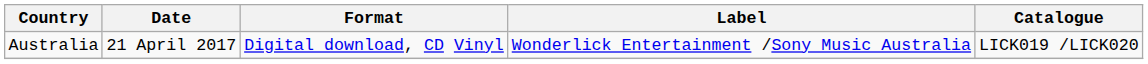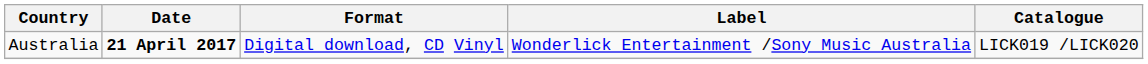 <table class="wikitable">
 <tr>
 <th>Country</th>
 <th>Date</th>
 <th>Format</th>
 <th>Label</th>
 <th>Catalogue</th>
 </tr>
 <tr>
 <td>Australia</td>
-<td>21 April 2017</td>
+<td><strong>21 April 2017</strong></td>
 <td><a href='#'>Digital download</a>, <a href='#'>CD</a> <a href='#'>Vinyl</a></td>
 <td><a href='#'>Wonderlick Entertainment</a> /<a href='#'>Sony Music Australia</a></td>
 <td>LICK019 /LICK020</td>
 </tr>
 <tr>
 </tr>
 </table>
